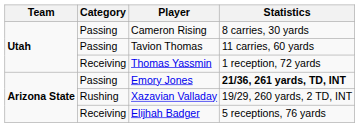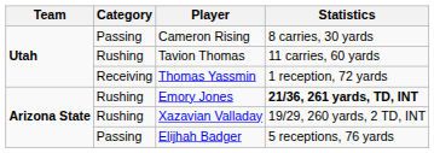 <table class="wikitable" style="float: right;">
 <tr>
 <th>Team</th>
 <th>Category</th>
 <th>Player</th>
 <th>Statistics</th>
 </tr>
 <tr>
 <td rowspan=3><strong>Utah</strong></td>
 <td>Passing</td>
 <td>Cameron Rising</td>
 <td>8 carries, 30 yards</td>
 </tr>
 <tr>
-<td>Passing</td>
+<td>Rushing</td>
 <td>Tavion Thomas</td>
 <td>11 carries, 60 yards</td>
 </tr>
 <tr>
 <td>Receiving</td>
 <td><a href='#'>Thomas Yassmin</a></td>
 <td>1 reception, 72 yards</td>
 </tr>
 <tr>
 <td rowspan=3><strong>Arizona State</strong></td>
-<td>Passing</td>
+<td>Rushing</td>
 <td><a href='#'>Emory Jones</a></td>
 <td><strong>21/36, 261 yards, TD, INT</strong></td>
 </tr>
 <tr>
 <td>Rushing</td>
 <td><a href='#'>Xazavian Valladay</a></td>
 <td>19/29, 260 yards, 2 TD, INT</td>
 </tr>
 <tr>
-<td>Receiving</td>
+<td>Passing</td>
 <td><a href='#'>Elijhah Badger</a></td>
 <td>5 receptions, 76 yards</td>
 </tr>
 </table>
